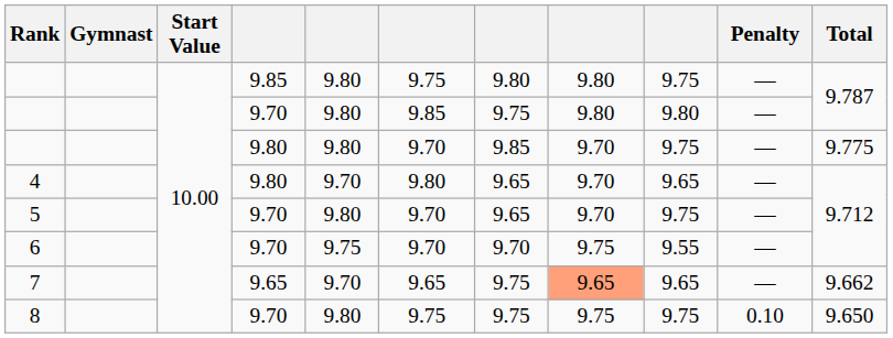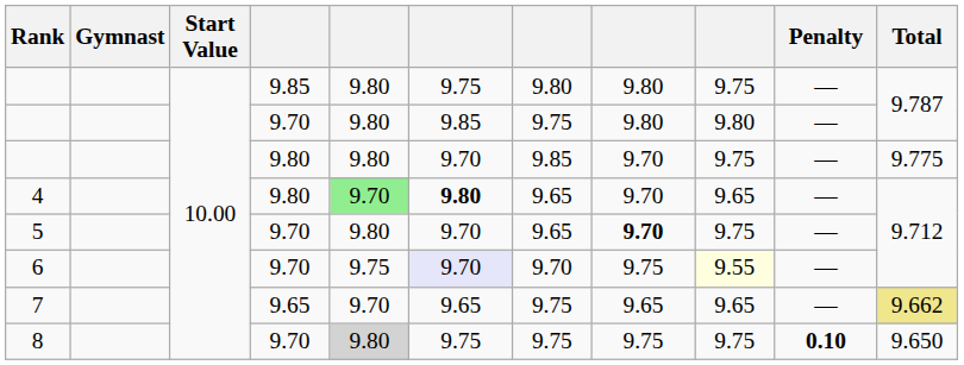 <table class="wikitable" style="text-align:center">
 <tr>
 <th !style="width:3em">Rank</th>
 <th>Gymnast</th>
 <th style="width:3em">Start<br>Value</th>
 <th style="vertical-align:bottom; width:3em"></th>
 <th style="vertical-align:bottom; width:3em"></th>
 <th style="vertical-align:bottom; width:4em"></th>
 <th style="vertical-align:bottom; width:3em"></th>
 <th style="vertical-align:bottom; width:4em"></th>
 <th style="vertical-align:bottom; width:3em"></th>
 <th style="width:4em">Penalty</th>
 <th style="width:3em">Total</th>
 </tr>
 <tr>
 <td></td>
 <td align=left></td>
 <td rowspan="8">10.00</td>
 <td>9.85</td>
 <td>9.80</td>
 <td>9.75</td>
 <td>9.80</td>
 <td>9.80</td>
 <td>9.75</td>
 <td>—</td>
 <td rowspan="2">9.787</td>
 </tr>
 <tr>
 <td></td>
 <td align=left></td>
 <td>9.70</td>
 <td>9.80</td>
 <td>9.85</td>
 <td>9.75</td>
 <td>9.80</td>
 <td>9.80</td>
 <td>—</td>
 </tr>
 <tr>
 <td></td>
 <td align=left></td>
 <td>9.80</td>
 <td>9.80</td>
 <td>9.70</td>
 <td>9.85</td>
 <td>9.70</td>
 <td>9.75</td>
 <td>—</td>
 <td>9.775</td>
 </tr>
 <tr>
 <td>4</td>
 <td align=left></td>
 <td>9.80</td>
-<td>9.70</td>
-<td>9.80</td>
+<td style="background: lightgreen;">9.70</td>
+<td><strong>9.80</strong></td>
 <td>9.65</td>
 <td>9.70</td>
 <td>9.65</td>
 <td>—</td>
 <td rowspan="3">9.712</td>
 </tr>
 <tr>
 <td>5</td>
 <td align=left></td>
 <td>9.70</td>
 <td>9.80</td>
 <td>9.70</td>
 <td>9.65</td>
-<td>9.70</td>
+<td><strong>9.70</strong></td>
 <td>9.75</td>
 <td>—</td>
 </tr>
 <tr>
 <td>6</td>
 <td align=left></td>
 <td>9.70</td>
 <td>9.75</td>
-<td>9.70</td>
+<td style="background: lavender;">9.70</td>
 <td>9.70</td>
 <td>9.75</td>
-<td>9.55</td>
+<td style="background: lightyellow;">9.55</td>
 <td>—</td>
 </tr>
 <tr>
 <td>7</td>
 <td align=left></td>
 <td>9.65</td>
 <td>9.70</td>
 <td>9.65</td>
 <td>9.75</td>
-<td style="background: lightsalmon;">9.65</td>
+<td>9.65</td>
 <td>9.65</td>
 <td>—</td>
-<td>9.662</td>
+<td style="background: khaki;">9.662</td>
 </tr>
 <tr>
 <td>8</td>
 <td align=left></td>
 <td>9.70</td>
-<td>9.80</td>
+<td style="background: lightgrey;">9.80</td>
 <td>9.75</td>
 <td>9.75</td>
 <td>9.75</td>
 <td>9.75</td>
-<td>0.10</td>
+<td><strong>0.10</strong></td>
 <td>9.650</td>
 </tr>
 </table>
